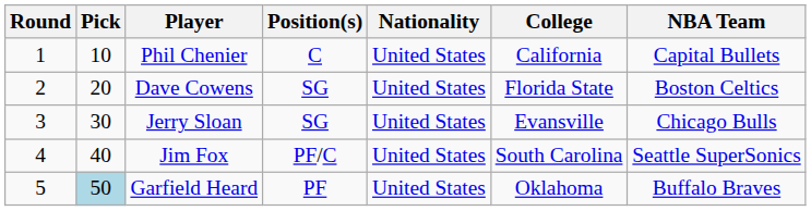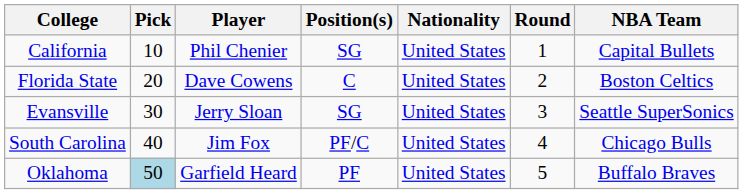 <table class="wikitable sortable sortable">
 <tr>
-<th>Round</th>
+<th>College</th>
 <th>Pick</th>
 <th>Player</th>
 <th>Position(s)</th>
 <th>Nationality</th>
-<th>College</th>
+<th>Round</th>
 <th>NBA Team</th>
 </tr>
 <tr style="text-align: center">
-<td>1</td>
+<td><a href='#'>California</a></td>
 <td>10</td>
 <td><a href='#'>Phil Chenier</a></td>
-<td><a href='#'>C</a></td>
+<td><a href='#'>SG</a></td>
 <td> <a href='#'>United States</a></td>
-<td><a href='#'>California</a></td>
+<td>1</td>
 <td><a href='#'>Capital Bullets</a></td>
 </tr>
 <tr style="text-align: center">
-<td>2</td>
+<td><a href='#'>Florida State</a></td>
 <td>20</td>
 <td><a href='#'>Dave Cowens</a></td>
-<td><a href='#'>SG</a></td>
+<td><a href='#'>C</a></td>
 <td> <a href='#'>United States</a></td>
-<td><a href='#'>Florida State</a></td>
+<td>2</td>
 <td><a href='#'>Boston Celtics</a></td>
 </tr>
 <tr style="text-align: center">
-<td>3</td>
+<td><a href='#'>Evansville</a></td>
 <td>30</td>
 <td><a href='#'>Jerry Sloan</a></td>
 <td><a href='#'>SG</a></td>
 <td> <a href='#'>United States</a></td>
-<td><a href='#'>Evansville</a></td>
-<td><a href='#'>Chicago Bulls</a></td>
+<td>3</td>
+<td><a href='#'>Seattle SuperSonics</a></td>
 </tr>
 <tr style="text-align: center">
-<td>4</td>
+<td><a href='#'>South Carolina</a></td>
 <td>40</td>
 <td><a href='#'>Jim Fox</a></td>
 <td><a href='#'>PF</a>/<a href='#'>C</a></td>
 <td> <a href='#'>United States</a></td>
-<td><a href='#'>South Carolina</a></td>
-<td><a href='#'>Seattle SuperSonics</a></td>
+<td>4</td>
+<td><a href='#'>Chicago Bulls</a></td>
 </tr>
 <tr style="text-align: center">
-<td>5</td>
+<td><a href='#'>Oklahoma</a></td>
 <td style="background: lightblue;">50</td>
 <td><a href='#'>Garfield Heard</a></td>
 <td><a href='#'>PF</a></td>
 <td> <a href='#'>United States</a></td>
-<td><a href='#'>Oklahoma</a></td>
+<td>5</td>
 <td><a href='#'>Buffalo Braves</a></td>
 </tr>
 </table>
